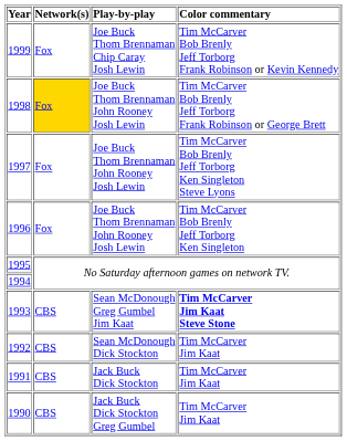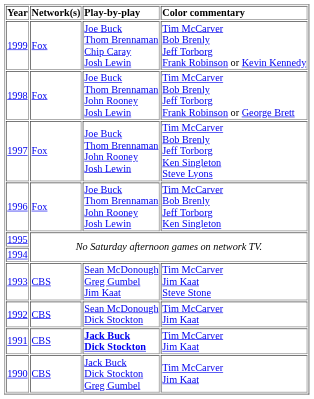 <table border="1" cellpadding="1">
 <tr>
 <td><strong>Year</strong></td>
 <td><strong>Network(s)</strong></td>
 <td><strong>Play-by-play</strong></td>
 <td><strong>Color commentary</strong></td>
 </tr>
 <tr>
 <td><a href='#'>1999</a></td>
 <td><a href='#'>Fox</a></td>
 <td><a href='#'>Joe Buck</a><br><a href='#'>Thom Brennaman</a><br><a href='#'>Chip Caray</a><br><a href='#'>Josh Lewin</a></td>
 <td><a href='#'>Tim McCarver</a><br><a href='#'>Bob Brenly</a><br><a href='#'>Jeff Torborg</a><br><a href='#'>Frank Robinson</a> or <a href='#'>Kevin Kennedy</a></td>
 </tr>
 <tr>
 <td><a href='#'>1998</a></td>
-<td style="background: gold;"><a href='#'>Fox</a></td>
+<td><a href='#'>Fox</a></td>
 <td><a href='#'>Joe Buck</a><br><a href='#'>Thom Brennaman</a><br><a href='#'>John Rooney</a><br><a href='#'>Josh Lewin</a></td>
 <td><a href='#'>Tim McCarver</a><br><a href='#'>Bob Brenly</a><br><a href='#'>Jeff Torborg</a><br><a href='#'>Frank Robinson</a> or <a href='#'>George Brett</a></td>
 </tr>
 <tr>
 <td><a href='#'>1997</a></td>
 <td><a href='#'>Fox</a></td>
 <td><a href='#'>Joe Buck</a><br><a href='#'>Thom Brennaman</a><br><a href='#'>John Rooney</a><br><a href='#'>Josh Lewin</a></td>
 <td><a href='#'>Tim McCarver</a><br><a href='#'>Bob Brenly</a><br><a href='#'>Jeff Torborg</a><br><a href='#'>Ken Singleton</a><br><a href='#'>Steve Lyons</a></td>
 </tr>
 <tr>
 <td><a href='#'>1996</a></td>
 <td><a href='#'>Fox</a></td>
 <td><a href='#'>Joe Buck</a><br><a href='#'>Thom Brennaman</a><br><a href='#'>John Rooney</a><br><a href='#'>Josh Lewin</a></td>
 <td><a href='#'>Tim McCarver</a><br><a href='#'>Bob Brenly</a><br><a href='#'>Jeff Torborg</a><br><a href='#'>Ken Singleton</a></td>
 </tr>
 <tr>
 <td><a href='#'>1995</a></td>
 <td colspan="3" rowspan="2" align="center"><em>No Saturday afternoon games on network TV.</em> </td>
 </tr>
 <tr>
 <td><a href='#'>1994</a></td>
 </tr>
 <tr>
 <td><a href='#'>1993</a></td>
 <td><a href='#'>CBS</a></td>
 <td><a href='#'>Sean McDonough</a><br><a href='#'>Greg Gumbel</a><br><a href='#'>Jim Kaat</a></td>
-<td><strong><a href='#'>Tim McCarver</a><br><a href='#'>Jim Kaat</a><br><a href='#'>Steve Stone</a></strong></td>
+<td><a href='#'>Tim McCarver</a><br><a href='#'>Jim Kaat</a><br><a href='#'>Steve Stone</a></td>
 </tr>
 <tr>
 <td><a href='#'>1992</a></td>
 <td><a href='#'>CBS</a></td>
 <td><a href='#'>Sean McDonough</a><br><a href='#'>Dick Stockton</a></td>
 <td><a href='#'>Tim McCarver</a><br><a href='#'>Jim Kaat</a></td>
 </tr>
 <tr>
 <td><a href='#'>1991</a></td>
 <td><a href='#'>CBS</a></td>
-<td><a href='#'>Jack Buck</a><br><a href='#'>Dick Stockton</a></td>
+<td><strong><a href='#'>Jack Buck</a><br><a href='#'>Dick Stockton</a></strong></td>
 <td><a href='#'>Tim McCarver</a><br><a href='#'>Jim Kaat</a></td>
 </tr>
 <tr>
 <td><a href='#'>1990</a></td>
 <td><a href='#'>CBS</a></td>
 <td><a href='#'>Jack Buck</a><br><a href='#'>Dick Stockton</a><br><a href='#'>Greg Gumbel</a></td>
 <td><a href='#'>Tim McCarver</a><br><a href='#'>Jim Kaat</a></td>
 </tr>
 </table>
